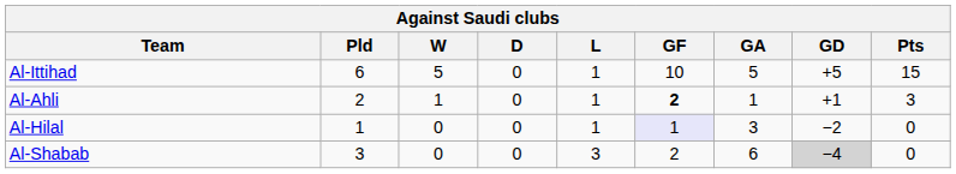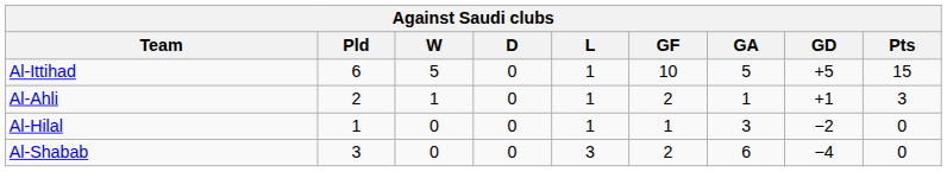 <table class="wikitable" style="width:70%; text-align:center;">
 <tr>
 <th colspan=9>Against Saudi clubs</th>
 </tr>
 <tr>
 <th style="width:20%;">Team</th>
 <th width=5%>Pld</th>
 <th width=5%>W</th>
 <th width=5%>D</th>
 <th width=5%>L</th>
 <th width=5%>GF</th>
 <th width=5%>GA</th>
 <th width=5%>GD</th>
 <th width=5%>Pts</th>
 </tr>
 <tr>
 <td align=left> <a href='#'>Al-Ittihad</a></td>
 <td>6</td>
 <td>5</td>
 <td>0</td>
 <td>1</td>
 <td>10</td>
 <td>5</td>
 <td>+5</td>
 <td>15</td>
 </tr>
 <tr>
 <td align=left> <a href='#'>Al-Ahli</a></td>
 <td>2</td>
 <td>1</td>
 <td>0</td>
 <td>1</td>
-<td><strong>2</strong></td>
+<td>2</td>
 <td>1</td>
 <td>+1</td>
 <td>3</td>
 </tr>
 <tr>
 <td align=left> <a href='#'>Al-Hilal</a></td>
 <td>1</td>
 <td>0</td>
 <td>0</td>
 <td>1</td>
-<td style="background: lavender;">1</td>
+<td>1</td>
 <td>3</td>
 <td>−2</td>
 <td>0</td>
 </tr>
 <tr>
 <td align=left> <a href='#'>Al-Shabab</a></td>
 <td>3</td>
 <td>0</td>
 <td>0</td>
 <td>3</td>
 <td>2</td>
 <td>6</td>
-<td style="background: lightgrey;">−4</td>
+<td>−4</td>
 <td>0</td>
 </tr>
 </table>
